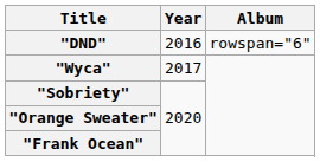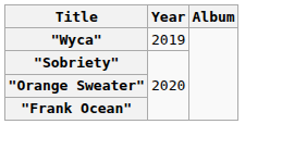 <table class="wikitable plainrowheaders" style="text-align:center;">
 <tr>
 <th scope="col" rowspan="1">Title</th>
 <th scope="col" rowspan="1">Year</th>
 <th scope="col" rowspan="1">Album</th>
 </tr>
 <tr>
-<th scope="row">"DND"</th>
-<td>2016</td>
-<td>rowspan="6" </td>
-</tr>
-<tr>
 <th scope="row">"Wyca"<br></th>
-<td>2017</td>
+<td>2019</td>
 </tr>
 <tr>
 <th scope="row">"Sobriety"</th>
 <td rowspan="3">2020</td>
 </tr>
 <tr>
 <th scope="row">"Orange Sweater"</th>
 </tr>
 <tr>
 <th scope="row">"Frank Ocean"</th>
 </tr>
 <tr>
 </tr>
 </table>
